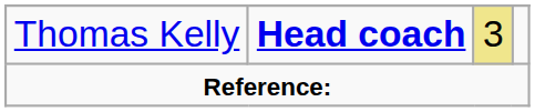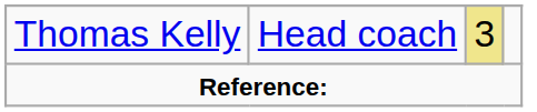 <table class="wikitable">
 <tr>
 </tr>
 <tr>
 <td><a href='#'>Thomas Kelly</a></td>
-<td><strong><a href='#'>Head coach</a></strong></td>
+<td><a href='#'>Head coach</a></td>
 <td style="background: khaki;">3</td>
 <td></td>
 </tr>
 <tr>
 <td colspan="4" style="font-size: 8pt" align="center"><strong>Reference:</strong></td>
 </tr>
 </table>
